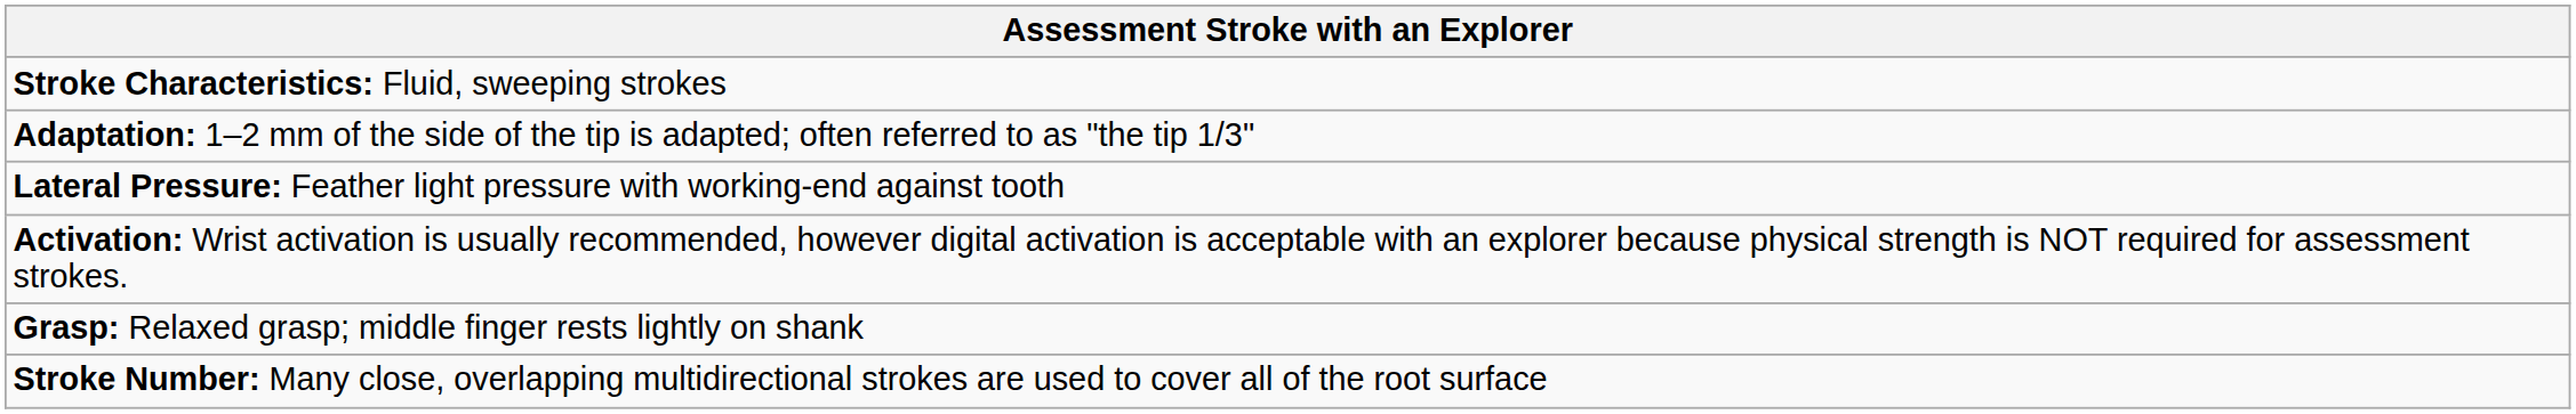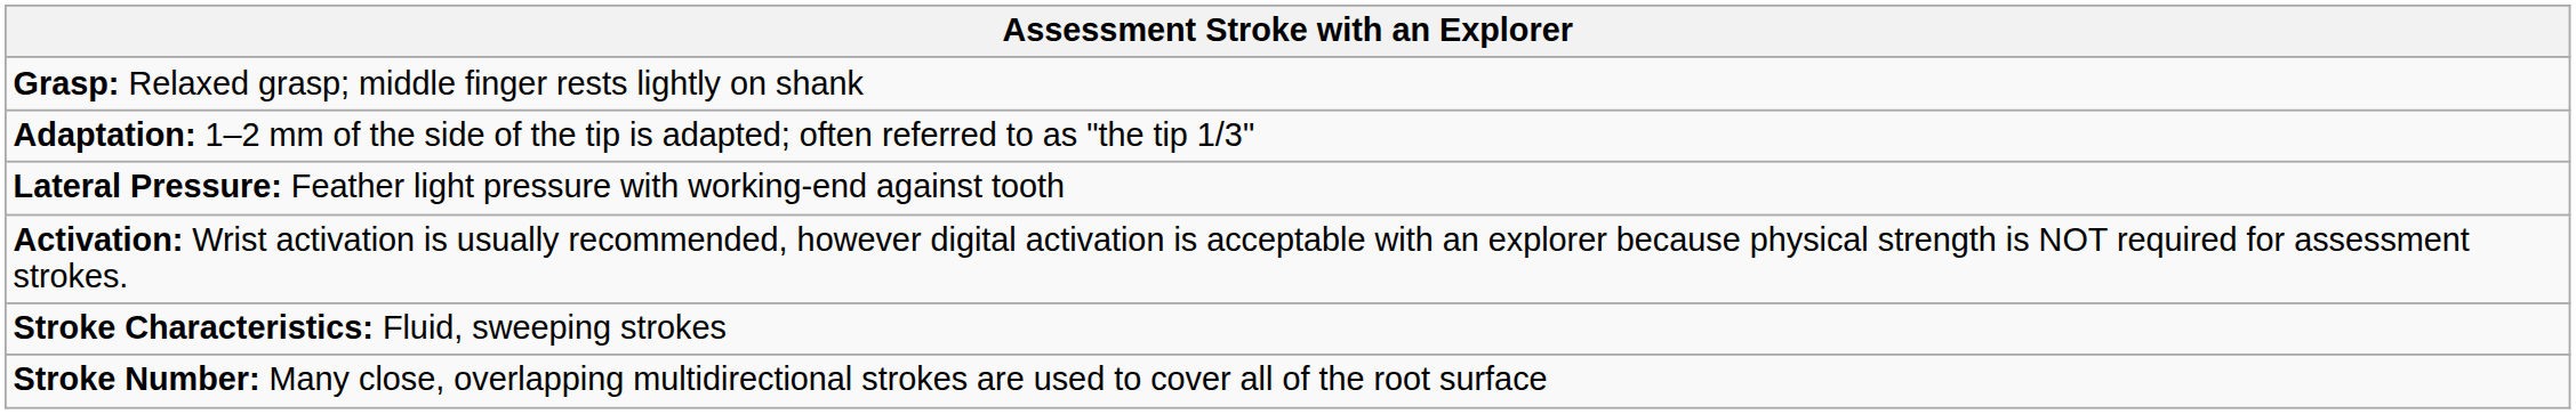 <table class="wikitable">
 <tr>
 <th>Assessment Stroke with an Explorer</th>
 </tr>
 <tr>
-<td><strong>Stroke Characteristics:</strong> Fluid, sweeping strokes</td>
+<td><strong>Grasp:</strong> Relaxed grasp; middle finger rests lightly on shank</td>
 </tr>
 <tr>
 <td><strong>Adaptation:</strong> 1–2 mm of the side of the tip is adapted; often referred to as "the tip 1/3"</td>
 </tr>
 <tr>
 <td><strong>Lateral Pressure:</strong> Feather light pressure with working-end against tooth</td>
 </tr>
 <tr>
 <td><strong>Activation:</strong> Wrist activation is usually recommended, however digital activation is acceptable with an explorer because physical strength is NOT required for assessment strokes.</td>
 </tr>
 <tr>
-<td><strong>Grasp:</strong> Relaxed grasp; middle finger rests lightly on shank</td>
+<td><strong>Stroke Characteristics:</strong> Fluid, sweeping strokes</td>
 </tr>
 <tr>
 <td><strong>Stroke Number:</strong> Many close, overlapping multidirectional strokes are used to cover all of the root surface</td>
 </tr>
 </table>
